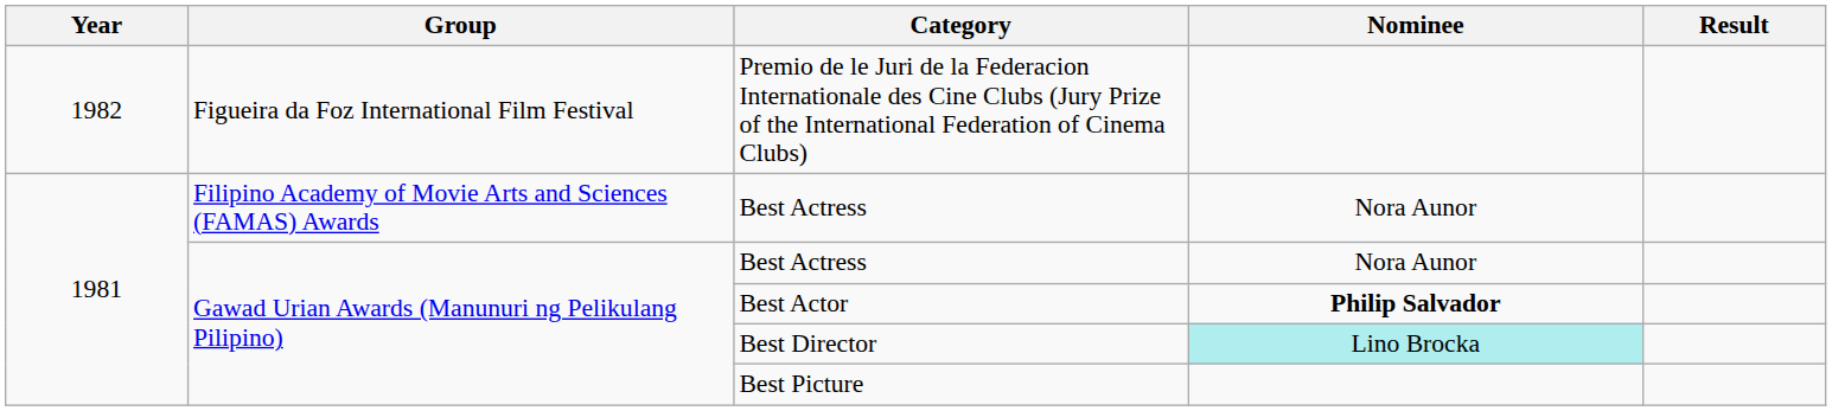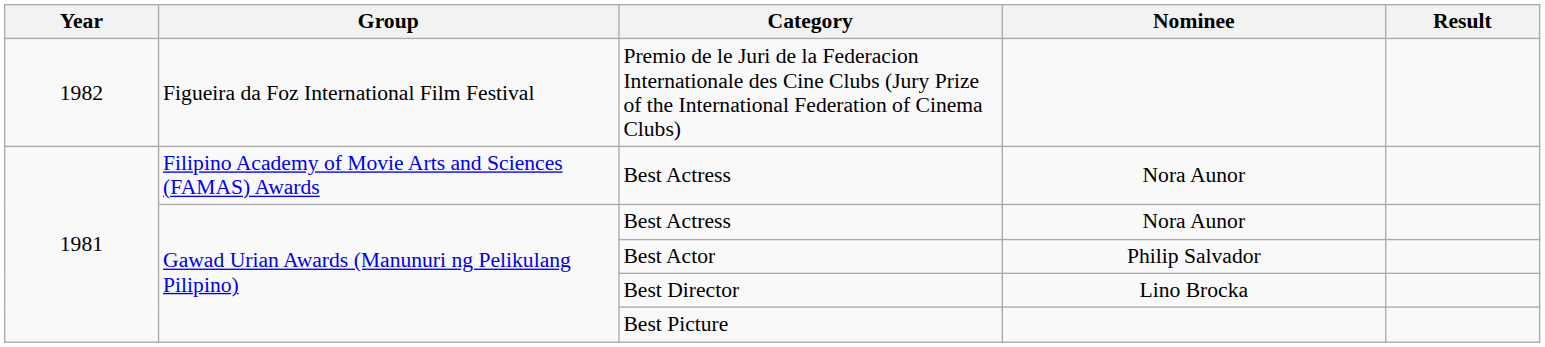 <table | width="90%" class="wikitable sortable">
 <tr>
 <th width="10%">Year</th>
 <th width="30%">Group</th>
 <th width="25%">Category</th>
 <th width="25%">Nominee</th>
 <th width="10%">Result</th>
 </tr>
 <tr>
 <td align="center">1982</td>
 <td align="left">Figueira da Foz International Film Festival</td>
 <td align="left">Premio de le Juri de la Federacion Internationale des Cine Clubs (Jury Prize of the International Federation of Cinema Clubs)</td>
 <td align="center"></td>
 <td></td>
 </tr>
 <tr>
 <td rowspan="5" align="center">1981</td>
 <td align="left"><a href='#'>Filipino Academy of Movie Arts and Sciences (FAMAS) Awards</a></td>
 <td align="left">Best Actress</td>
 <td align="center">Nora Aunor</td>
 <td></td>
 </tr>
 <tr>
 <td rowspan="4" align="left"><a href='#'>Gawad Urian Awards (Manunuri ng Pelikulang Pilipino)</a></td>
 <td align="left">Best Actress</td>
 <td align="center">Nora Aunor</td>
 <td></td>
 </tr>
 <tr>
 <td align="left">Best Actor</td>
-<td align="center"><strong>Philip Salvador</strong></td>
+<td align="center">Philip Salvador</td>
 <td></td>
 </tr>
 <tr>
 <td align="left">Best Director</td>
-<td align="center" style="background: paleturquoise;">Lino Brocka</td>
+<td align="center">Lino Brocka</td>
 <td></td>
 </tr>
 <tr>
 <td align="left">Best Picture</td>
 <td align="center"></td>
 <td></td>
 </tr>
 </table>
